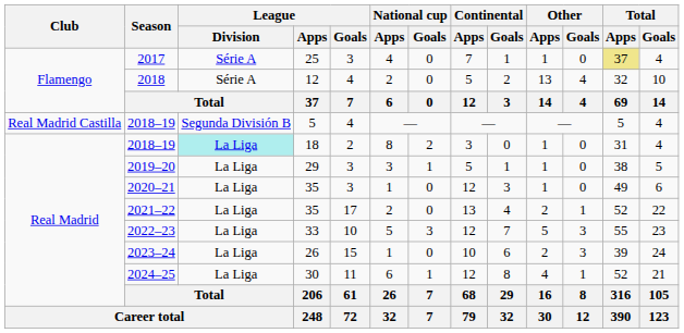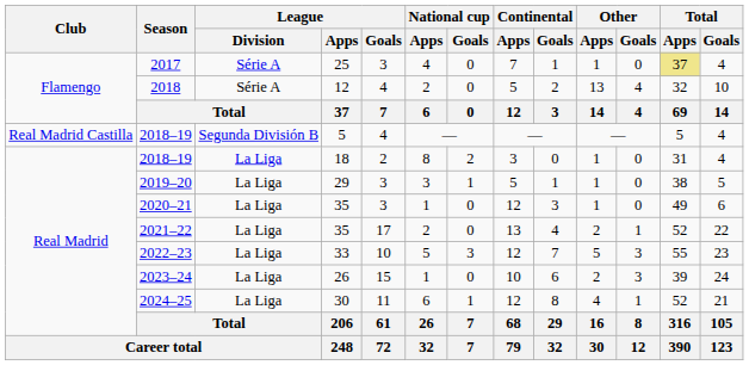 <table class="wikitable" style="text-align:center">
 <tr>
 <th rowspan="2">Club</th>
 <th rowspan="2">Season</th>
 <th colspan="3">League</th>
 <th colspan="2">National cup</th>
 <th colspan="2">Continental</th>
 <th colspan="2">Other</th>
 <th colspan="2">Total</th>
 </tr>
 <tr>
 <th>Division</th>
 <th>Apps</th>
 <th>Goals</th>
 <th>Apps</th>
 <th>Goals</th>
 <th>Apps</th>
 <th>Goals</th>
 <th>Apps</th>
 <th>Goals</th>
 <th>Apps</th>
 <th>Goals</th>
 </tr>
 <tr>
 <td rowspan="3"><a href='#'>Flamengo</a></td>
 <td><a href='#'>2017</a></td>
 <td><a href='#'>Série A</a></td>
 <td>25</td>
 <td>3</td>
 <td>4</td>
 <td>0</td>
 <td>7</td>
 <td>1</td>
 <td>1</td>
 <td>0</td>
 <td style="background: khaki;">37</td>
 <td>4</td>
 </tr>
 <tr>
 <td><a href='#'>2018</a></td>
 <td>Série A</td>
 <td>12</td>
 <td>4</td>
 <td>2</td>
 <td>0</td>
 <td>5</td>
 <td>2</td>
 <td>13</td>
 <td>4</td>
 <td>32</td>
 <td>10</td>
 </tr>
 <tr>
 <th colspan="2">Total</th>
 <th>37</th>
 <th>7</th>
 <th>6</th>
 <th>0</th>
 <th>12</th>
 <th>3</th>
 <th>14</th>
 <th>4</th>
 <th>69</th>
 <th>14</th>
 </tr>
 <tr>
 <td><a href='#'>Real Madrid Castilla</a></td>
 <td><a href='#'>2018–19</a></td>
 <td><a href='#'>Segunda División B</a></td>
 <td>5</td>
 <td>4</td>
 <td colspan="2">—</td>
 <td colspan="2">—</td>
 <td colspan="2">—</td>
 <td>5</td>
 <td>4</td>
 </tr>
 <tr>
 <td rowspan=8><a href='#'>Real Madrid</a></td>
 <td><a href='#'>2018–19</a></td>
-<td style="background: paleturquoise;"><a href='#'>La Liga</a></td>
+<td><a href='#'>La Liga</a></td>
 <td>18</td>
 <td>2</td>
 <td>8</td>
 <td>2</td>
 <td>3</td>
 <td>0</td>
 <td>1</td>
 <td>0</td>
 <td>31</td>
 <td>4</td>
 </tr>
 <tr>
 <td><a href='#'>2019–20</a></td>
 <td>La Liga</td>
 <td>29</td>
 <td>3</td>
 <td>3</td>
 <td>1</td>
 <td>5</td>
 <td>1</td>
 <td>1</td>
 <td>0</td>
 <td>38</td>
 <td>5</td>
 </tr>
 <tr>
 <td><a href='#'>2020–21</a></td>
 <td>La Liga</td>
 <td>35</td>
 <td>3</td>
 <td>1</td>
 <td>0</td>
 <td>12</td>
 <td>3</td>
 <td>1</td>
 <td>0</td>
 <td>49</td>
 <td>6</td>
 </tr>
 <tr>
 <td><a href='#'>2021–22</a></td>
 <td>La Liga</td>
 <td>35</td>
 <td>17</td>
 <td>2</td>
 <td>0</td>
 <td>13</td>
 <td>4</td>
 <td>2</td>
 <td>1</td>
 <td>52</td>
 <td>22</td>
 </tr>
 <tr>
 <td><a href='#'>2022–23</a></td>
 <td>La Liga</td>
 <td>33</td>
 <td>10</td>
 <td>5</td>
 <td>3</td>
 <td>12</td>
 <td>7</td>
 <td>5</td>
 <td>3</td>
 <td>55</td>
 <td>23</td>
 </tr>
 <tr>
 <td><a href='#'>2023–24</a></td>
 <td>La Liga</td>
 <td>26</td>
 <td>15</td>
 <td>1</td>
 <td>0</td>
 <td>10</td>
 <td>6</td>
 <td>2</td>
 <td>3</td>
 <td>39</td>
 <td>24</td>
 </tr>
 <tr>
 <td><a href='#'>2024–25</a></td>
 <td>La Liga</td>
 <td>30</td>
 <td>11</td>
 <td>6</td>
 <td>1</td>
 <td>12</td>
 <td>8</td>
 <td>4</td>
 <td>1</td>
 <td>52</td>
 <td>21</td>
 </tr>
 <tr>
 <th colspan="2">Total</th>
 <th>206</th>
 <th>61</th>
 <th>26</th>
 <th>7</th>
 <th>68</th>
 <th>29</th>
 <th>16</th>
 <th>8</th>
 <th>316</th>
 <th>105</th>
 </tr>
 <tr>
 <th colspan="3">Career total</th>
 <th>248</th>
 <th>72</th>
 <th>32</th>
 <th>7</th>
 <th>79</th>
 <th>32</th>
 <th>30</th>
 <th>12</th>
 <th>390</th>
 <th>123</th>
 </tr>
 </table>
